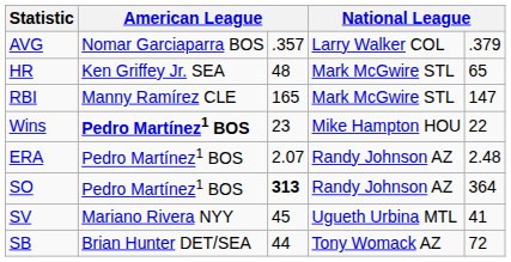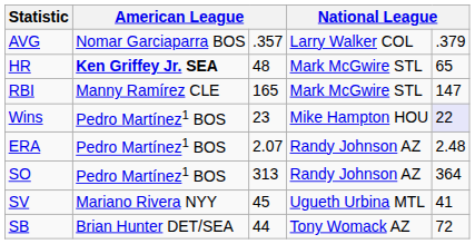 <table class="wikitable">
 <tr>
 <th>Statistic</th>
 <th colspan=2><a href='#'>American League</a></th>
 <th colspan=2><a href='#'>National League</a></th>
 </tr>
 <tr>
 <td><a href='#'>AVG</a></td>
 <td><a href='#'>Nomar Garciaparra</a> BOS</td>
 <td>.357</td>
 <td><a href='#'>Larry Walker</a> COL</td>
 <td>.379</td>
 </tr>
 <tr>
 <td><a href='#'>HR</a></td>
-<td><a href='#'>Ken Griffey Jr.</a> SEA</td>
+<td><strong><a href='#'>Ken Griffey Jr.</a> SEA</strong></td>
 <td>48</td>
 <td><a href='#'>Mark McGwire</a> STL</td>
 <td>65</td>
 </tr>
 <tr>
 <td><a href='#'>RBI</a></td>
 <td><a href='#'>Manny Ramírez</a> CLE</td>
 <td>165</td>
 <td><a href='#'>Mark McGwire</a> STL</td>
 <td>147</td>
 </tr>
 <tr>
 <td><a href='#'>Wins</a></td>
-<td><strong><a href='#'>Pedro Martínez</a><sup>1</sup> BOS</strong></td>
+<td><a href='#'>Pedro Martínez</a><sup>1</sup> BOS</td>
 <td>23</td>
 <td><a href='#'>Mike Hampton</a> HOU</td>
-<td>22</td>
+<td style="background: lavender;">22</td>
 </tr>
 <tr>
 <td><a href='#'>ERA</a></td>
 <td><a href='#'>Pedro Martínez</a><sup>1</sup> BOS</td>
 <td>2.07</td>
 <td><a href='#'>Randy Johnson</a> AZ</td>
 <td>2.48</td>
 </tr>
 <tr>
 <td><a href='#'>SO</a></td>
 <td><a href='#'>Pedro Martínez</a><sup>1</sup> BOS</td>
-<td><strong>313</strong></td>
+<td>313</td>
 <td><a href='#'>Randy Johnson</a> AZ</td>
 <td>364</td>
 </tr>
 <tr>
 <td><a href='#'>SV</a></td>
 <td><a href='#'>Mariano Rivera</a> NYY</td>
 <td>45</td>
 <td><a href='#'>Ugueth Urbina</a> MTL</td>
 <td>41</td>
 </tr>
 <tr>
 <td><a href='#'>SB</a></td>
 <td><a href='#'>Brian Hunter</a> DET/SEA</td>
 <td>44</td>
 <td><a href='#'>Tony Womack</a> AZ</td>
 <td>72</td>
 </tr>
 </table>
